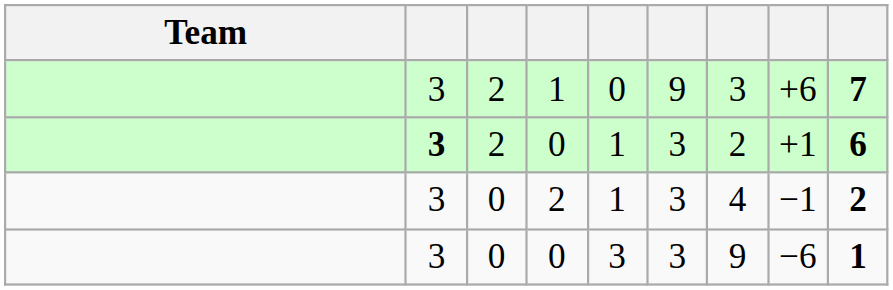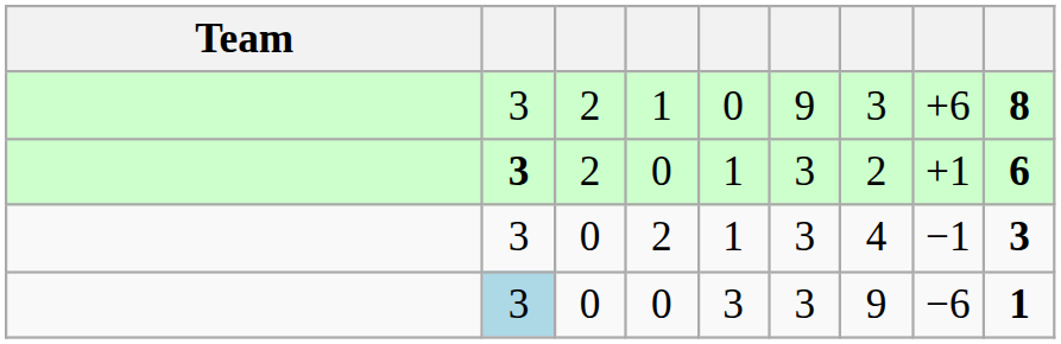 <table class="wikitable" style="text-align:center">
 <tr>
 <th width=175>Team</th>
 <th width=20></th>
 <th width=20></th>
 <th width=20></th>
 <th width=20></th>
 <th width=20></th>
 <th width=20></th>
 <th width=20></th>
 <th width=20></th>
 </tr>
 <tr bgcolor=ccffcc>
 <td align=left></td>
 <td>3</td>
 <td>2</td>
 <td>1</td>
 <td>0</td>
 <td>9</td>
 <td>3</td>
 <td>+6</td>
-<td><strong>7</strong></td>
+<td><strong>8</strong></td>
 </tr>
 <tr bgcolor=ccffcc>
 <td align=left></td>
 <td><strong>3</strong></td>
 <td>2</td>
 <td>0</td>
 <td>1</td>
 <td>3</td>
 <td>2</td>
 <td>+1</td>
 <td><strong>6</strong></td>
 </tr>
 <tr>
 <td align=left></td>
 <td>3</td>
 <td>0</td>
 <td>2</td>
 <td>1</td>
 <td>3</td>
 <td>4</td>
 <td>−1</td>
-<td><strong>2</strong></td>
+<td><strong>3</strong></td>
 </tr>
 <tr>
 <td align=left></td>
-<td>3</td>
+<td style="background: lightblue;">3</td>
 <td>0</td>
 <td>0</td>
 <td>3</td>
 <td>3</td>
 <td>9</td>
 <td>−6</td>
 <td><strong>1</strong></td>
 </tr>
 </table>
